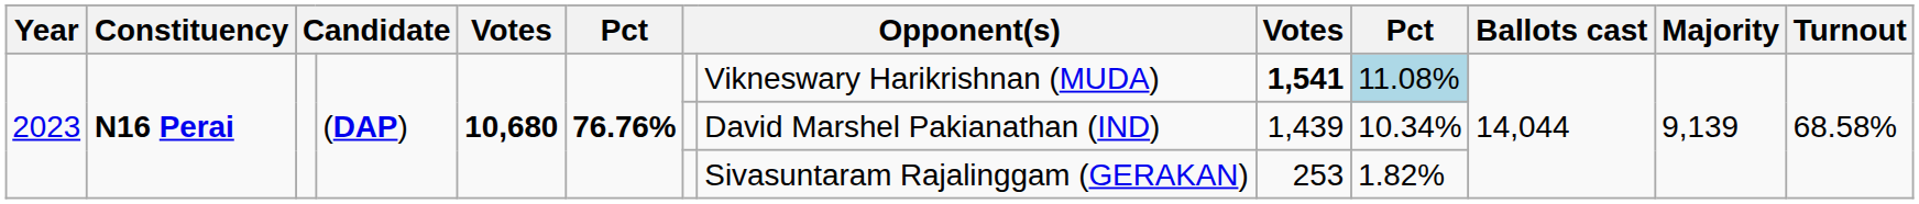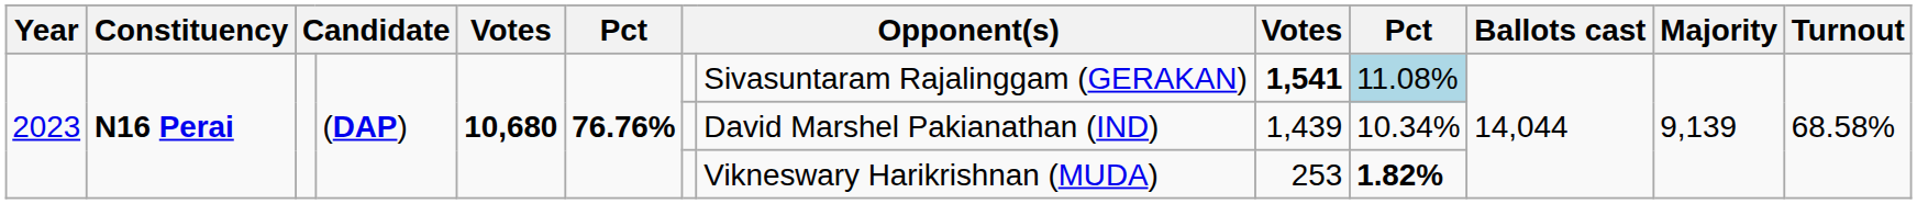 <table class="wikitable" style="margin:0.5em ; font-size:95%">
 <tr>
 <th>Year</th>
 <th>Constituency</th>
 <th colspan=2>Candidate</th>
 <th>Votes</th>
 <th>Pct</th>
 <th colspan=2>Opponent(s)</th>
 <th>Votes</th>
 <th>Pct</th>
 <th>Ballots cast</th>
 <th>Majority</th>
 <th>Turnout</th>
 </tr>
 <tr>
 <td rowspan="3"><a href='#'>2023</a></td>
 <td rowspan="3"><strong>N16 <a href='#'>Perai</a></strong></td>
 <td rowspan="3" ></td>
 <td rowspan="3"> (<a href='#'><strong>DAP</strong></a>)</td>
 <td rowspan="3" align=right><strong>10,680</strong></td>
 <td rowspan="3"><strong>76.76%</strong></td>
 <td bgcolor=></td>
-<td>Vikneswary Harikrishnan (<a href='#'>MUDA</a>)</td>
+<td>Sivasuntaram Rajalinggam (<a href='#'>GERAKAN</a>)</td>
 <td align=right><strong>1,541</strong></td>
 <td style="background: lightblue;">11.08%</td>
 <td rowspan="3">14,044</td>
 <td rowspan="3">9,139</td>
 <td rowspan="3">68.58%</td>
 </tr>
 <tr>
 <td></td>
 <td>David Marshel Pakianathan (<a href='#'>IND</a>)</td>
 <td align=right>1,439</td>
 <td>10.34%</td>
 </tr>
 <tr>
 <td bgcolor=></td>
-<td>Sivasuntaram Rajalinggam (<a href='#'>GERAKAN</a>)</td>
+<td>Vikneswary Harikrishnan (<a href='#'>MUDA</a>)</td>
 <td align=right>253</td>
-<td align=rught>1.82%</td>
+<td align=rught><strong>1.82%</strong></td>
 </tr>
 </table>
